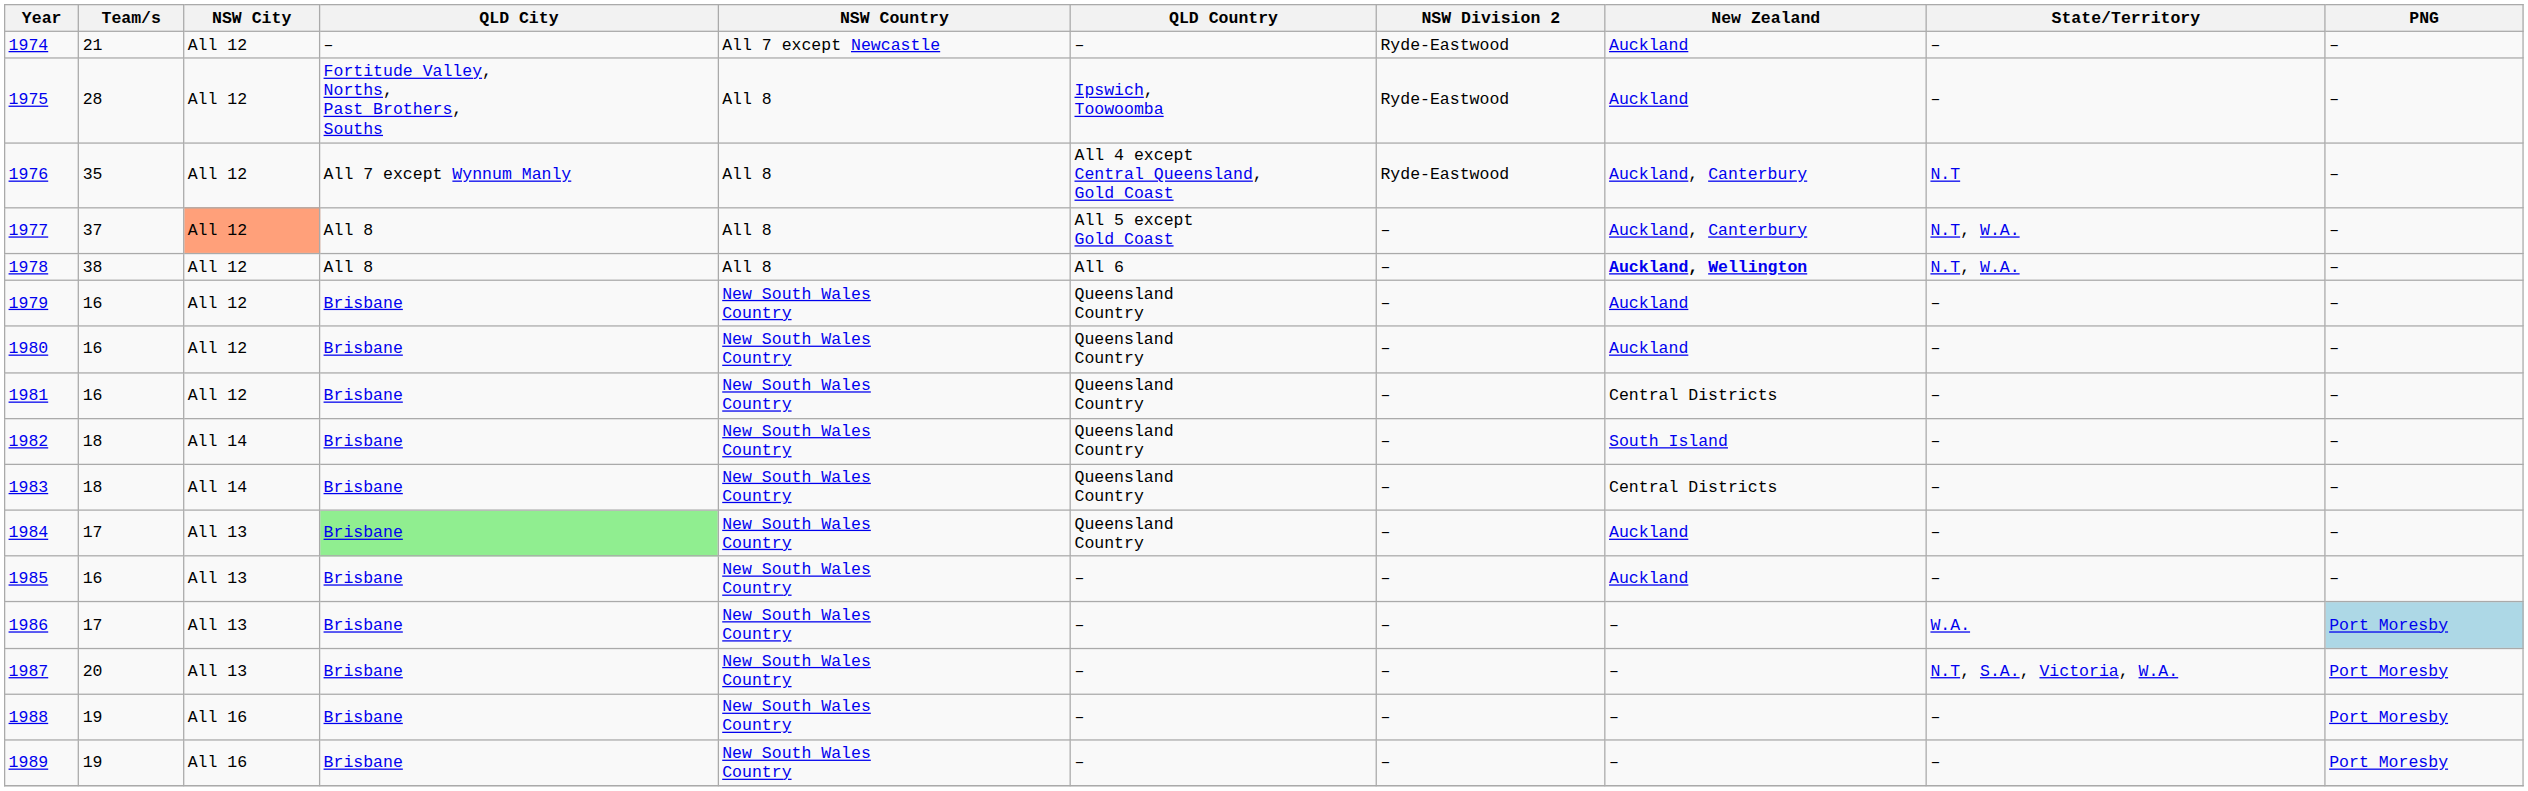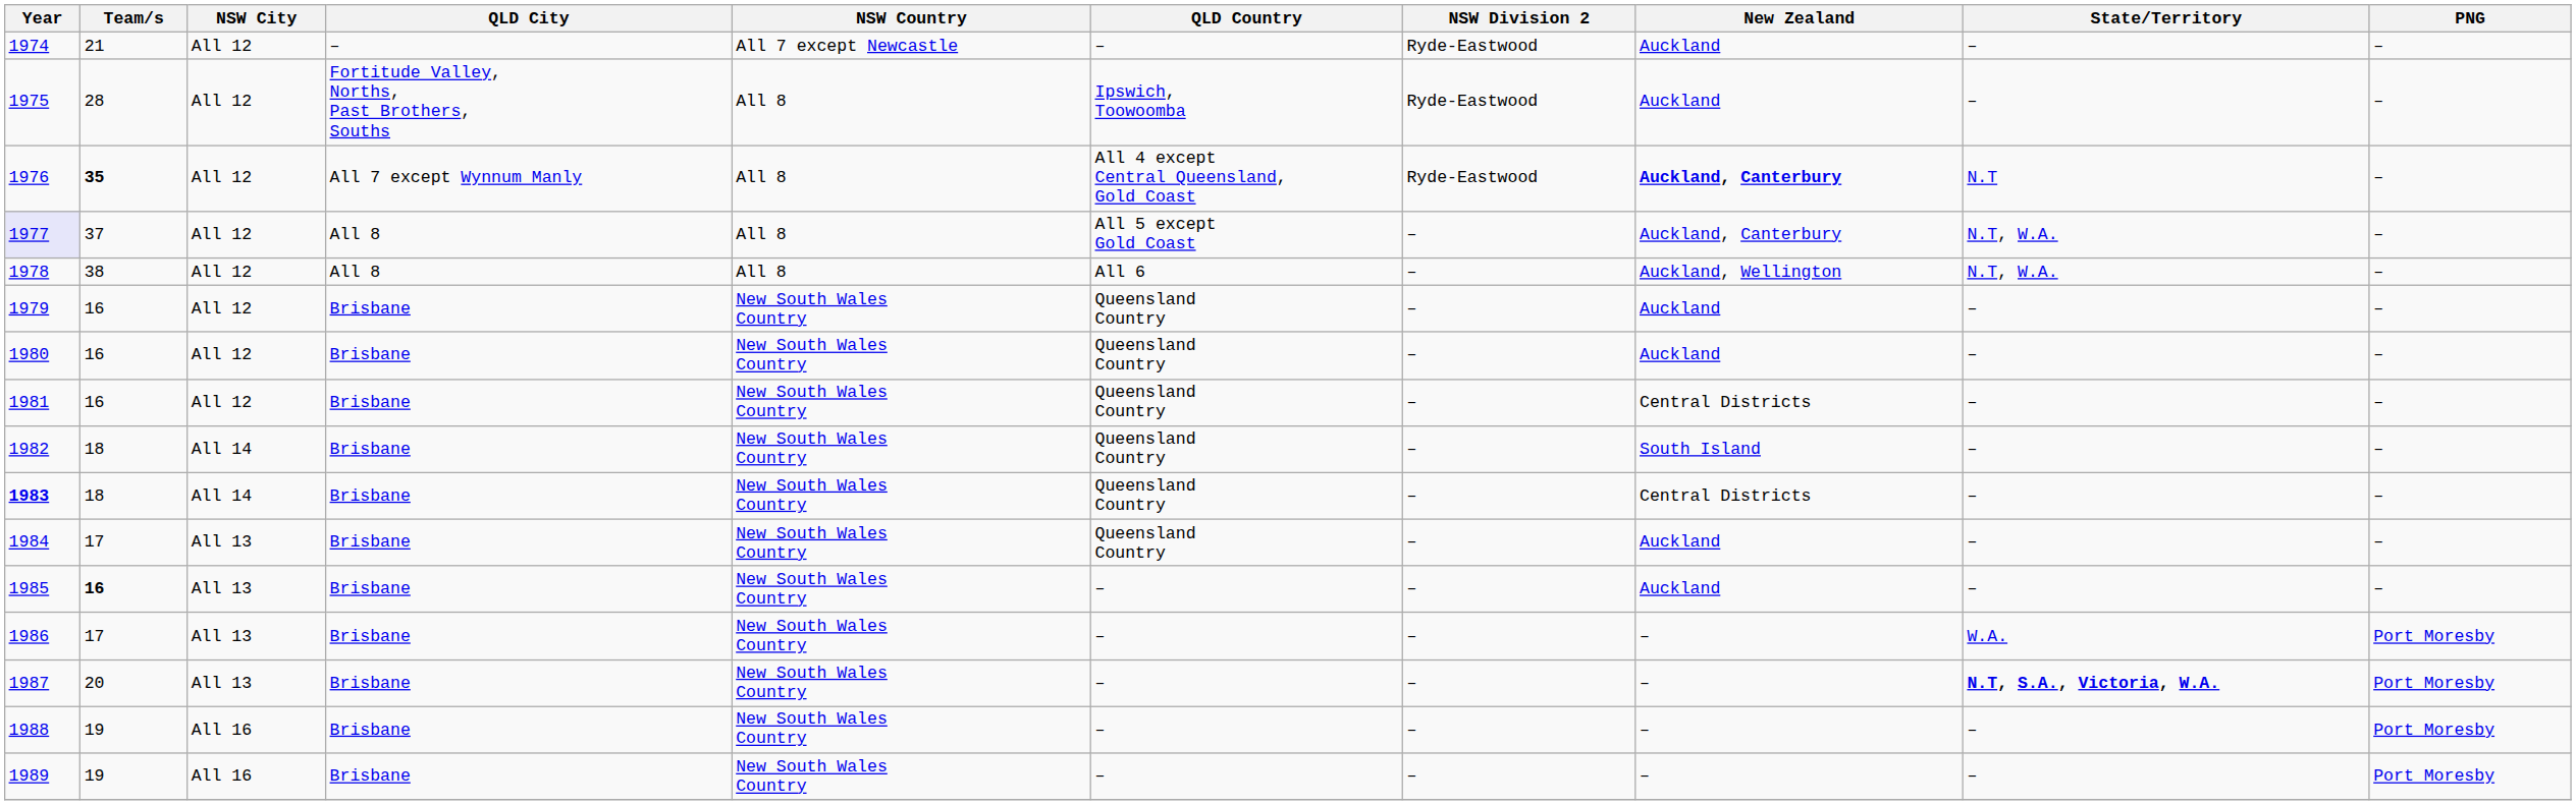 <table class="wikitable" width=100%>
 <tr bgcolor=#efefef>
 <th>Year</th>
 <th>Team/s</th>
 <th>NSW City</th>
 <th>QLD City</th>
 <th>NSW Country</th>
 <th>QLD Country</th>
 <th>NSW Division 2</th>
 <th>New Zealand</th>
 <th>State/Territory</th>
 <th>PNG</th>
 </tr>
 <tr>
 <td><a href='#'>1974</a></td>
 <td>21</td>
 <td>All 12</td>
 <td>–</td>
 <td>All 7 except <a href='#'>Newcastle</a></td>
 <td>–</td>
 <td>Ryde-Eastwood</td>
 <td><a href='#'>Auckland</a></td>
 <td>–</td>
 <td>–</td>
 </tr>
 <tr>
 <td><a href='#'>1975</a></td>
 <td>28</td>
 <td>All 12</td>
 <td><a href='#'>Fortitude Valley</a>,<br><a href='#'>Norths</a>,<br><a href='#'>Past Brothers</a>,<br><a href='#'>Souths</a></td>
 <td>All 8</td>
 <td><a href='#'>Ipswich</a>,<br><a href='#'>Toowoomba</a></td>
 <td>Ryde-Eastwood</td>
 <td><a href='#'>Auckland</a></td>
 <td>–</td>
 <td>–</td>
 </tr>
 <tr>
 <td><a href='#'>1976</a></td>
-<td>35</td>
+<td><strong>35</strong></td>
 <td>All 12</td>
 <td>All 7 except <a href='#'>Wynnum Manly</a></td>
 <td>All 8</td>
 <td>All 4 except<br><a href='#'>Central Queensland</a>,<br><a href='#'>Gold Coast</a></td>
 <td>Ryde-Eastwood</td>
-<td><a href='#'>Auckland</a>, <a href='#'>Canterbury</a></td>
+<td><strong><a href='#'>Auckland</a>, <a href='#'>Canterbury</a></strong></td>
 <td><a href='#'>N.T</a></td>
 <td>–</td>
 </tr>
 <tr>
-<td><a href='#'>1977</a></td>
+<td style="background: lavender;"><a href='#'>1977</a></td>
 <td>37</td>
-<td style="background: lightsalmon;">All 12</td>
+<td>All 12</td>
 <td>All 8</td>
 <td>All 8</td>
 <td>All 5 except<br><a href='#'>Gold Coast</a></td>
 <td>–</td>
 <td><a href='#'>Auckland</a>, <a href='#'>Canterbury</a></td>
 <td><a href='#'>N.T</a>, <a href='#'>W.A.</a></td>
 <td>–</td>
 </tr>
 <tr>
 <td><a href='#'>1978</a></td>
 <td>38</td>
 <td>All 12</td>
 <td>All 8</td>
 <td>All 8</td>
 <td>All 6</td>
 <td>–</td>
-<td><strong><a href='#'>Auckland</a>, <a href='#'>Wellington</a></strong></td>
+<td><a href='#'>Auckland</a>, <a href='#'>Wellington</a></td>
 <td><a href='#'>N.T</a>, <a href='#'>W.A.</a></td>
 <td>–</td>
 </tr>
 <tr>
 <td><a href='#'>1979</a></td>
 <td>16</td>
 <td>All 12</td>
 <td><a href='#'>Brisbane</a></td>
 <td><a href='#'>New South Wales<br>Country</a></td>
 <td>Queensland<br>Country</td>
 <td>–</td>
 <td><a href='#'>Auckland</a></td>
 <td>–</td>
 <td>–</td>
 </tr>
 <tr>
 <td><a href='#'>1980</a></td>
 <td>16</td>
 <td>All 12</td>
 <td><a href='#'>Brisbane</a></td>
 <td><a href='#'>New South Wales<br>Country</a></td>
 <td>Queensland<br>Country</td>
 <td>–</td>
 <td><a href='#'>Auckland</a></td>
 <td>–</td>
 <td>–</td>
 </tr>
 <tr>
 <td><a href='#'>1981</a></td>
 <td>16</td>
 <td>All 12</td>
 <td><a href='#'>Brisbane</a></td>
 <td><a href='#'>New South Wales<br>Country</a></td>
 <td>Queensland<br>Country</td>
 <td>–</td>
 <td>Central Districts</td>
 <td>–</td>
 <td>–</td>
 </tr>
 <tr>
 <td><a href='#'>1982</a></td>
 <td>18</td>
 <td>All 14</td>
 <td><a href='#'>Brisbane</a></td>
 <td><a href='#'>New South Wales<br>Country</a></td>
 <td>Queensland<br>Country</td>
 <td>–</td>
 <td><a href='#'>South Island</a></td>
 <td>–</td>
 <td>–</td>
 </tr>
 <tr>
-<td><a href='#'>1983</a></td>
+<td><strong><a href='#'>1983</a></strong></td>
 <td>18</td>
 <td>All 14</td>
 <td><a href='#'>Brisbane</a></td>
 <td><a href='#'>New South Wales<br>Country</a></td>
 <td>Queensland<br>Country</td>
 <td>–</td>
 <td>Central Districts</td>
 <td>–</td>
 <td>–</td>
 </tr>
 <tr>
 <td><a href='#'>1984</a></td>
 <td>17</td>
 <td>All 13</td>
-<td style="background: lightgreen;"><a href='#'>Brisbane</a></td>
+<td><a href='#'>Brisbane</a></td>
 <td><a href='#'>New South Wales<br>Country</a></td>
 <td>Queensland<br>Country</td>
 <td>–</td>
 <td><a href='#'>Auckland</a></td>
 <td>–</td>
 <td>–</td>
 </tr>
 <tr>
 <td><a href='#'>1985</a></td>
-<td>16</td>
+<td><strong>16</strong></td>
 <td>All 13</td>
 <td><a href='#'>Brisbane</a></td>
 <td><a href='#'>New South Wales<br>Country</a></td>
 <td>–</td>
 <td>–</td>
 <td><a href='#'>Auckland</a></td>
 <td>–</td>
 <td>–</td>
 </tr>
 <tr>
 <td><a href='#'>1986</a></td>
 <td>17</td>
 <td>All 13</td>
 <td><a href='#'>Brisbane</a></td>
 <td><a href='#'>New South Wales<br>Country</a></td>
 <td>–</td>
 <td>–</td>
 <td>–</td>
 <td><a href='#'>W.A.</a></td>
-<td style="background: lightblue;"><a href='#'>Port Moresby</a></td>
+<td><a href='#'>Port Moresby</a></td>
 </tr>
 <tr>
 <td><a href='#'>1987</a></td>
 <td>20</td>
 <td>All 13</td>
 <td><a href='#'>Brisbane</a></td>
 <td><a href='#'>New South Wales<br>Country</a></td>
 <td>–</td>
 <td>–</td>
 <td>–</td>
-<td><a href='#'>N.T</a>, <a href='#'>S.A.</a>, <a href='#'>Victoria</a>, <a href='#'>W.A.</a></td>
+<td><strong><a href='#'>N.T</a>, <a href='#'>S.A.</a>, <a href='#'>Victoria</a>, <a href='#'>W.A.</a></strong></td>
 <td><a href='#'>Port Moresby</a></td>
 </tr>
 <tr>
 <td><a href='#'>1988</a></td>
 <td>19</td>
 <td>All 16</td>
 <td><a href='#'>Brisbane</a></td>
 <td><a href='#'>New South Wales<br>Country</a></td>
 <td>–</td>
 <td>–</td>
 <td>–</td>
 <td>–</td>
 <td><a href='#'>Port Moresby</a></td>
 </tr>
 <tr>
 <td><a href='#'>1989</a></td>
 <td>19</td>
 <td>All 16</td>
 <td><a href='#'>Brisbane</a></td>
 <td><a href='#'>New South Wales<br>Country</a></td>
 <td>–</td>
 <td>–</td>
 <td>–</td>
 <td>–</td>
 <td><a href='#'>Port Moresby</a></td>
 </tr>
 <tr>
 </tr>
 </table>
